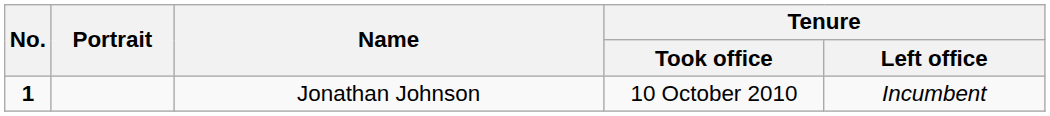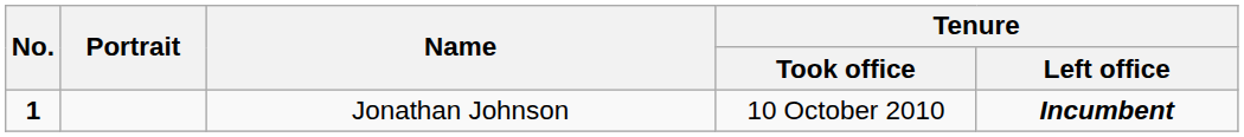 <table class="wikitable" style="clear:right; text-align:center">
 <tr>
 <th scope="col" style="width:20px;" rowspan="2">No.</th>
 <th scope="col"  style="width:80px; text-align:center;" rowspan="2">Portrait</th>
 <th scope="col" style="width:300px;" rowspan="2">Name</th>
 <th scope="col" style="width:300px;" colspan="2">Tenure</th>
 </tr>
 <tr>
 <th scope="col" style="width:150px;">Took office</th>
 <th scope="col" style="width:150px;">Left office</th>
 </tr>
 <tr>
 <td><strong>1</strong></td>
 <td style="text-align: center;"></td>
 <td>Jonathan Johnson</td>
 <td>10 October 2010</td>
-<td><em>Incumbent</em></td>
+<td><strong><em>Incumbent</em></strong></td>
 </tr>
 </table>
